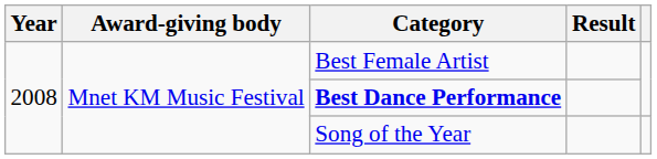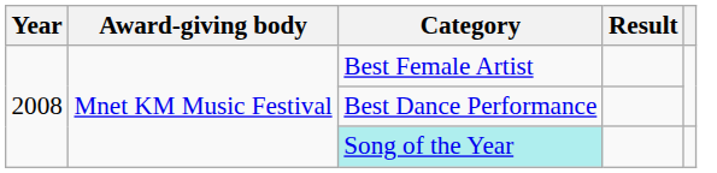 <table class="wikitable">
 <tr>
 <th>Year</th>
 <th>Award-giving body</th>
 <th>Category</th>
 <th>Result</th>
 <th></th>
 </tr>
 <tr>
 <td rowspan="3">2008</td>
 <td rowspan="3"><a href='#'>Mnet KM Music Festival</a></td>
 <td><a href='#'>Best Female Artist</a></td>
 <td></td>
 <td rowspan="2" align="center"></td>
 </tr>
 <tr>
-<td><strong><a href='#'>Best Dance Performance</a></strong></td>
+<td><a href='#'>Best Dance Performance</a></td>
 <td></td>
 </tr>
 <tr>
-<td><a href='#'>Song of the Year</a></td>
+<td style="background: paleturquoise;"><a href='#'>Song of the Year</a></td>
 <td></td>
 <td rowspan="1" align="center"></td>
 </tr>
 </table>
